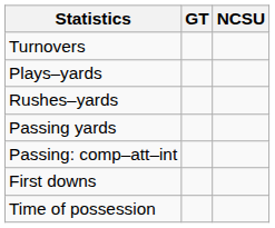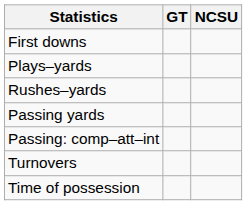 <table class="wikitable" style="float:left">
 <tr>
 <th>Statistics</th>
 <th>GT</th>
 <th>NCSU</th>
 </tr>
 <tr>
-<td>Turnovers</td>
+<td>First downs</td>
 <td></td>
 <td></td>
 </tr>
 <tr>
 <td>Plays–yards</td>
 <td></td>
 <td></td>
 </tr>
 <tr>
 <td>Rushes–yards</td>
 <td></td>
 <td></td>
 </tr>
 <tr>
 <td>Passing yards</td>
 <td></td>
 <td></td>
 </tr>
 <tr>
 <td>Passing: comp–att–int</td>
 <td></td>
 <td></td>
 </tr>
 <tr>
-<td>First downs</td>
+<td>Turnovers</td>
 <td></td>
 <td></td>
 </tr>
 <tr>
 <td>Time of possession</td>
 <td></td>
 <td></td>
 </tr>
 </table>
